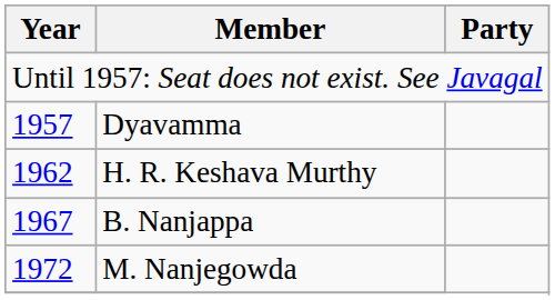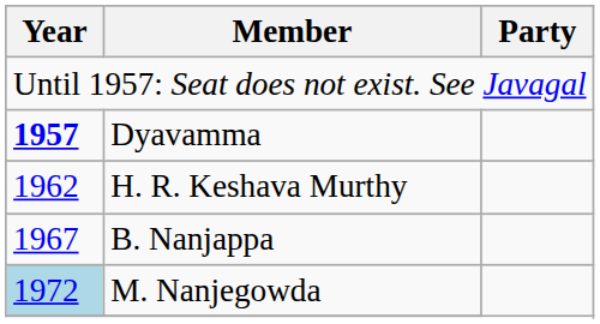 <table class="wikitable sortable">
 <tr>
 <th>Year</th>
 <th>Member</th>
 <th colspan="2">Party</th>
 </tr>
 <tr>
 <td colspan="6" align="center">Until 1957: <em>Seat does not exist. See <a href='#'>Javagal</a></em></td>
 </tr>
 <tr>
-<td><a href='#'>1957</a></td>
+<td><strong><a href='#'>1957</a></strong></td>
 <td>Dyavamma</td>
 <td></td>
 </tr>
 <tr>
 <td><a href='#'>1962</a></td>
 <td>H. R. Keshava Murthy</td>
 <td></td>
 </tr>
 <tr>
 <td><a href='#'>1967</a></td>
 <td>B. Nanjappa</td>
 <td></td>
 </tr>
 <tr>
-<td><a href='#'>1972</a></td>
+<td style="background: lightblue;"><a href='#'>1972</a></td>
 <td>M. Nanjegowda</td>
 </tr>
 <tr>
 </tr>
 </table>
